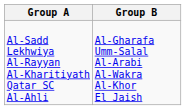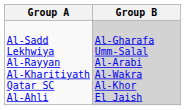 <table class="wikitable">
 <tr>
 <th width=50%>Group A</th>
 <th width=50%>Group B</th>
 </tr>
 <tr>
 <td><br><a href='#'>Al-Sadd</a> <br> <a href='#'>Lekhwiya</a> <br> <a href='#'>Al-Rayyan</a> <br> <a href='#'>Al-Kharitiyath</a> <br> <a href='#'>Qatar SC</a> <br> <a href='#'>Al-Ahli</a></td>
-<td><br><a href='#'>Al-Gharafa</a> <br> <a href='#'>Umm-Salal</a> <br> <a href='#'>Al-Arabi</a> <br> <a href='#'>Al-Wakra</a> <br> <a href='#'>Al-Khor</a> <br> <a href='#'>El Jaish</a> <br></td>
+<td style="background: lightgrey;"><br><a href='#'>Al-Gharafa</a> <br> <a href='#'>Umm-Salal</a> <br> <a href='#'>Al-Arabi</a> <br> <a href='#'>Al-Wakra</a> <br> <a href='#'>Al-Khor</a> <br> <a href='#'>El Jaish</a> <br></td>
 </tr>
 </table>
